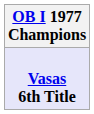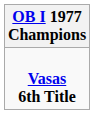 <table class="wikitable" style="text-align: center; margin: 0 auto;">
 <tr>
 <th><a href='#'>OB I</a> 1977<br>Champions</th>
 </tr>
 <tr>
 </tr>
 <tr>
-<td style="background: lavender;"> <br><strong><a href='#'>Vasas</a></strong><br><strong>6th Title</strong></td>
+<td> <br><strong><a href='#'>Vasas</a></strong><br><strong>6th Title</strong></td>
 </tr>
 </table>
